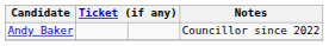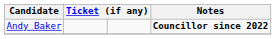 <table class="wikitable" style="font-size: 95%">
 <tr>
 <th>Candidate</th>
 <th colspan="2"><a href='#'>Ticket</a> (if any)</th>
 <th>Notes</th>
 </tr>
 <tr>
 <td><a href='#'>Andy Baker</a></td>
 <td></td>
 <td></td>
-<td>Councillor since 2022</td>
+<td><strong>Councillor since 2022</strong></td>
 </tr>
 <tr>
 </tr>
 </table>
